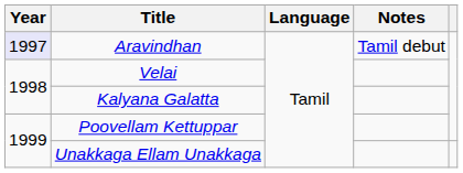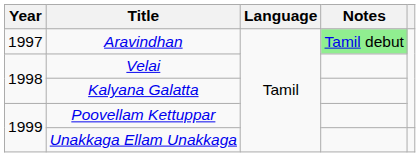 <table class="wikitable" style="text-align:center;">
 <tr>
 <th>Year</th>
 <th>Title</th>
 <th>Language</th>
 <th>Notes</th>
 <th></th>
 </tr>
 <tr>
-<td style="background: lavender;">1997</td>
+<td>1997</td>
 <td><em><a href='#'>Aravindhan</a></em></td>
 <td rowspan="5">Tamil</td>
-<td><a href='#'>Tamil</a> debut</td>
+<td style="background: lightgreen;"><a href='#'>Tamil</a> debut</td>
 <td rowspan="4"></td>
 </tr>
 <tr>
 <td rowspan="2">1998</td>
 <td><em><a href='#'>Velai</a></em></td>
 <td></td>
 </tr>
 <tr>
 <td><em><a href='#'>Kalyana Galatta</a></em></td>
 <td></td>
 </tr>
 <tr>
 <td rowspan="2">1999</td>
 <td><em><a href='#'>Poovellam Kettuppar</a></em></td>
 <td></td>
 </tr>
 <tr>
 <td><em><a href='#'>Unakkaga Ellam Unakkaga</a></em></td>
 <td></td>
 <td></td>
 </tr>
 </table>
